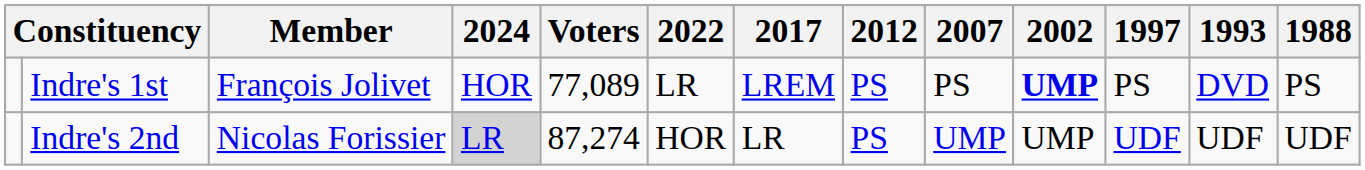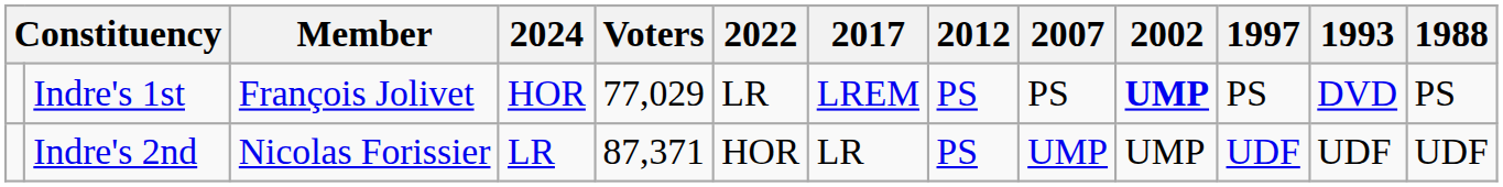 <table class="wikitable sortable">
 <tr>
 <th colspan="2">Constituency</th>
 <th>Member</th>
 <th>2024</th>
 <th>Voters</th>
 <th>2022</th>
 <th>2017</th>
 <th>2012</th>
 <th>2007</th>
 <th>2002</th>
 <th>1997</th>
 <th>1993</th>
 <th>1988</th>
 </tr>
 <tr>
 <td style="background-color: "></td>
 <td><a href='#'>Indre's 1st</a></td>
 <td><a href='#'>François Jolivet</a></td>
 <td><a href='#'>HOR</a></td>
-<td>77,089</td>
+<td>77,029</td>
 <td>LR</td>
 <td><a href='#'>LREM</a></td>
 <td><a href='#'>PS</a></td>
 <td>PS</td>
 <td><strong><a href='#'>UMP</a></strong></td>
 <td>PS</td>
 <td><a href='#'>DVD</a></td>
 <td>PS</td>
 </tr>
 <tr>
 <td style="background-color: "></td>
 <td><a href='#'>Indre's 2nd</a></td>
 <td><a href='#'>Nicolas Forissier</a></td>
-<td style="background: lightgrey;"><a href='#'>LR</a></td>
-<td>87,274</td>
+<td><a href='#'>LR</a></td>
+<td>87,371</td>
 <td>HOR</td>
 <td>LR</td>
 <td><a href='#'>PS</a></td>
 <td><a href='#'>UMP</a></td>
 <td>UMP</td>
 <td><a href='#'>UDF</a></td>
 <td>UDF</td>
 <td>UDF</td>
 </tr>
 </table>
